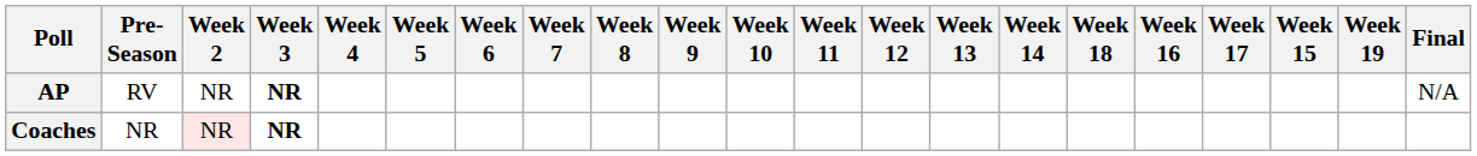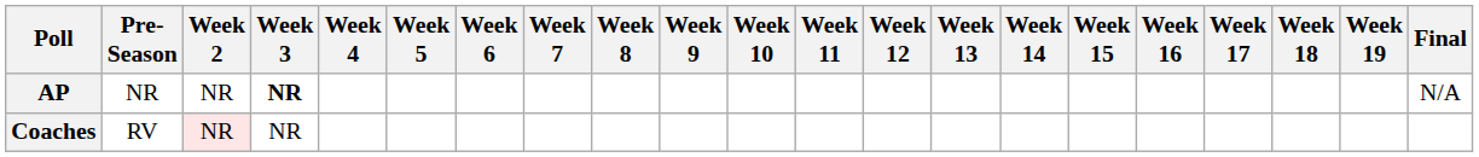 <table class="wikitable" style="white-space:nowrap;font-size:90%">
 <tr>
 <th>Poll</th>
 <th>Pre-<br>Season</th>
 <th>Week<br>2</th>
 <th>Week<br>3</th>
 <th>Week<br>4</th>
 <th>Week<br>5</th>
 <th>Week<br>6</th>
 <th>Week<br>7</th>
 <th>Week<br>8</th>
 <th>Week<br>9</th>
 <th>Week<br>10</th>
 <th>Week<br>11</th>
 <th>Week<br>12</th>
 <th>Week<br>13</th>
 <th>Week<br>14</th>
-<th>Week<br>18</th>
+<th>Week<br>15</th>
 <th>Week<br>16</th>
 <th>Week<br>17</th>
-<th>Week<br>15</th>
+<th>Week<br>18</th>
 <th>Week<br>19</th>
 <th>Final</th>
 </tr>
 <tr style="text-align:center;">
 <th>AP</th>
-<td style="background:#FFF;">RV</td>
+<td style="background:#FFF;">NR</td>
 <td style="background:#FFF;">NR</td>
 <td style="background:#FFF;"><strong>NR</strong></td>
 <td style="background:#FFF;"></td>
 <td style="background:#FFF;"></td>
 <td style="background:#FFF;"></td>
 <td style="background:#FFF;"></td>
 <td style="background:#FFF;"></td>
 <td style="background:#FFF;"></td>
 <td style="background:#FFF;"></td>
 <td style="background:#FFF;"></td>
 <td style="background:#FFF;"></td>
 <td style="background:#FFF;"></td>
 <td style="background:#FFF;"></td>
 <td style="background:#FFF;"></td>
 <td style="background:#FFF;"></td>
 <td style="background:#FFF;"></td>
 <td style="background:#FFF;"></td>
 <td style="background:#FFF;"></td>
 <td style="background:#FFF;">N/A</td>
 </tr>
 <tr style="text-align:center;">
 <th>Coaches</th>
+<td style="background:#FFF;">RV</td>
+<td style="background:#FFE6E6;">NR</td>
 <td style="background:#FFF;">NR</td>
-<td style="background:#FFE6E6;">NR</td>
-<td style="background:#FFF;"><strong>NR</strong></td>
 <td style="background:#FFF;"></td>
 <td style="background:#FFF;"></td>
 <td style="background:#FFF;"></td>
 <td style="background:#FFF;"></td>
 <td style="background:#FFF;"></td>
 <td style="background:#FFF;"></td>
 <td style="background:#FFF;"></td>
 <td style="background:#FFF;"></td>
 <td style="background:#FFF;"></td>
 <td style="background:#FFF;"></td>
 <td style="background:#FFF;"></td>
 <td style="background:#FFF;"></td>
 <td style="background:#FFF;"></td>
 <td style="background:#FFF;"></td>
 <td style="background:#FFF;"></td>
 <td style="background:#FFF;"></td>
 <td style="background:#FFF;"></td>
 </tr>
 </table>
